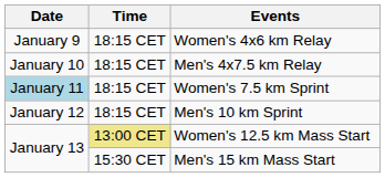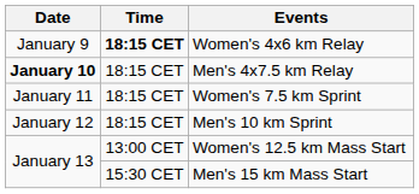 <table class="wikitable" style="text-align: center" width="400">
 <tr>
 <th>Date</th>
 <th>Time</th>
 <th>Events</th>
 </tr>
 <tr>
 <td>January 9</td>
-<td>18:15 CET</td>
+<td><strong>18:15 CET</strong></td>
 <td style="text-align: left">Women's 4x6 km Relay</td>
 </tr>
 <tr>
-<td>January 10</td>
+<td><strong>January 10</strong></td>
 <td>18:15 CET</td>
 <td style="text-align: left">Men's 4x7.5 km Relay</td>
 </tr>
 <tr>
-<td style="background: lightblue;">January 11</td>
+<td>January 11</td>
 <td>18:15 CET</td>
 <td style="text-align: left">Women's 7.5 km Sprint</td>
 </tr>
 <tr>
 <td>January 12</td>
 <td>18:15 CET</td>
 <td style="text-align: left">Men's 10 km Sprint</td>
 </tr>
 <tr>
 <td rowspan=2>January 13</td>
-<td style="background: khaki;">13:00 CET</td>
+<td>13:00 CET</td>
 <td style="text-align: left">Women's 12.5 km Mass Start</td>
 </tr>
 <tr>
 <td>15:30 CET</td>
 <td style="text-align: left">Men's 15 km Mass Start</td>
 </tr>
 </table>
